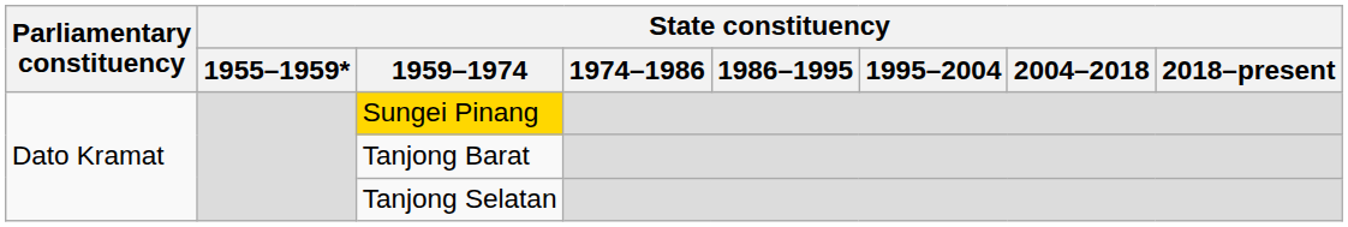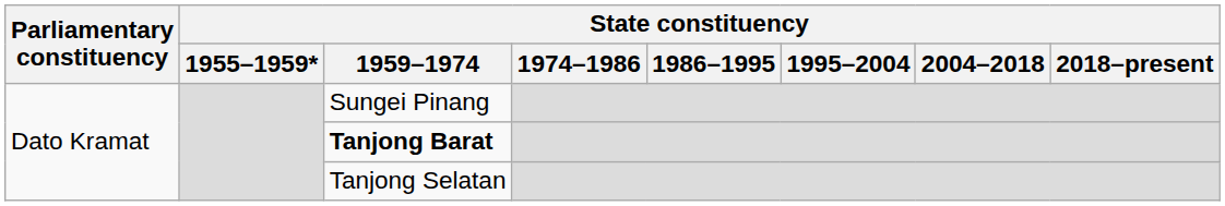 <table class="wikitable">
 <tr>
 <th rowspan="2">Parliamentary<br>constituency</th>
 <th colspan="7">State constituency</th>
 </tr>
 <tr>
 <th>1955–1959*</th>
 <th>1959–1974</th>
 <th>1974–1986</th>
 <th>1986–1995</th>
 <th>1995–2004</th>
 <th>2004–2018</th>
 <th>2018–present</th>
 </tr>
 <tr>
 <td rowspan="3">Dato Kramat</td>
 <td rowspan="3" bgcolor="dcdcdc"></td>
-<td style="background: gold;">Sungei Pinang</td>
+<td>Sungei Pinang</td>
 <td colspan="5" bgcolor="dcdcdc"></td>
 </tr>
 <tr>
-<td>Tanjong Barat</td>
+<td><strong>Tanjong Barat</strong></td>
 <td colspan="5" bgcolor="dcdcdc"></td>
 </tr>
 <tr>
 <td>Tanjong Selatan</td>
 <td colspan="5" bgcolor="dcdcdc"></td>
 </tr>
 </table>
